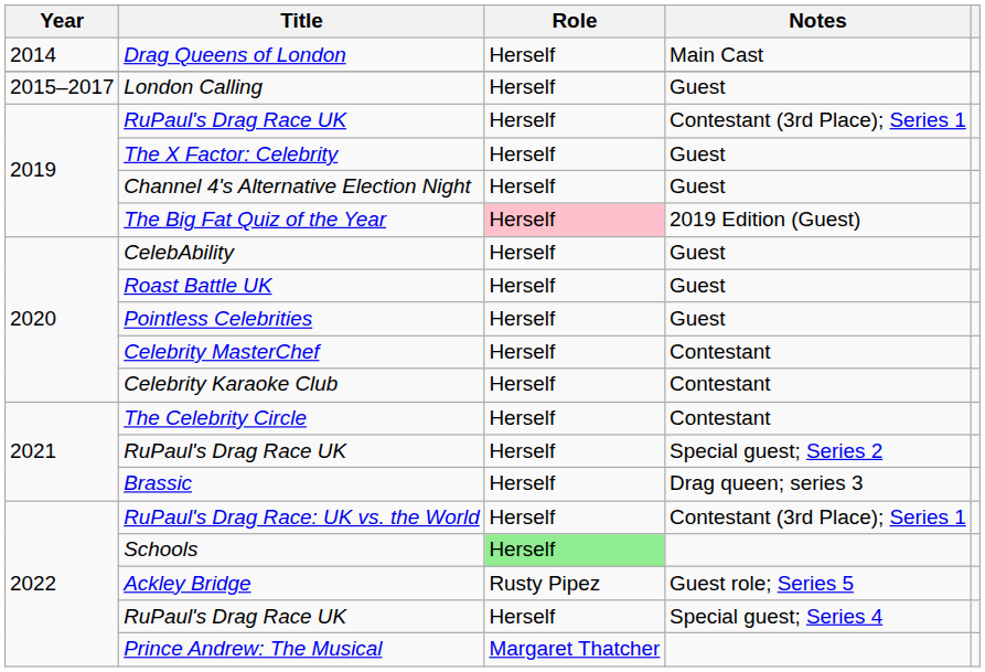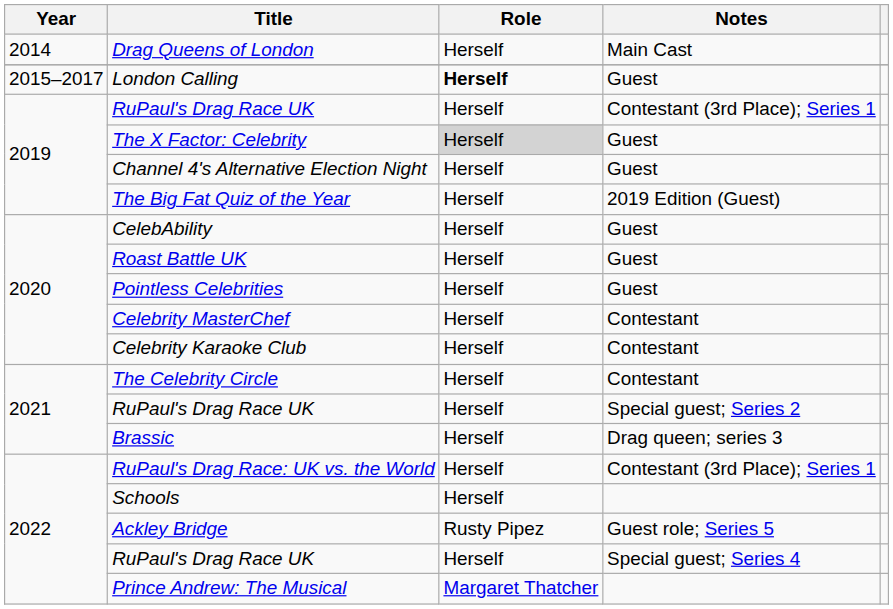 <table class="wikitable plainrowheaders sortable">
 <tr>
 <th scope="col">Year</th>
 <th scope="col">Title</th>
 <th scope="col">Role</th>
 <th scope="col">Notes</th>
 <th style="text-align: center;" class="unsortable"></th>
 </tr>
 <tr>
 <td>2014</td>
 <td><em><a href='#'>Drag Queens of London</a></em></td>
 <td>Herself</td>
 <td>Main Cast</td>
 <td></td>
 </tr>
 <tr>
 </tr>
 <tr>
 <td>2015–2017</td>
 <td><em>London Calling</em></td>
-<td>Herself</td>
+<td><strong>Herself</strong></td>
 <td>Guest</td>
 <td></td>
 </tr>
 <tr>
 <td rowspan=4>2019</td>
 <td><em><a href='#'>RuPaul's Drag Race UK</a></em></td>
 <td>Herself</td>
 <td>Contestant (3rd Place); <a href='#'>Series 1</a></td>
 <td></td>
 </tr>
 <tr>
 <td><em><a href='#'>The X Factor: Celebrity</a></em></td>
-<td>Herself</td>
+<td style="background: lightgrey;">Herself</td>
 <td>Guest</td>
 <td></td>
 </tr>
 <tr>
 <td><em>Channel 4's Alternative Election Night</em></td>
 <td>Herself</td>
 <td>Guest</td>
 <td></td>
 </tr>
 <tr>
 <td><em><a href='#'>The Big Fat Quiz of the Year</a></em></td>
-<td style="background: pink;">Herself</td>
+<td>Herself</td>
 <td>2019 Edition (Guest)</td>
 <td></td>
 </tr>
 <tr>
 <td rowspan=5>2020</td>
 <td><em>CelebAbility</em></td>
 <td>Herself</td>
 <td>Guest</td>
 <td></td>
 </tr>
 <tr>
 <td><em><a href='#'>Roast Battle UK</a></em></td>
 <td>Herself</td>
 <td>Guest</td>
 <td></td>
 </tr>
 <tr>
 <td><em><a href='#'>Pointless Celebrities</a></em></td>
 <td>Herself</td>
 <td>Guest</td>
 <td></td>
 </tr>
 <tr>
 <td><em><a href='#'>Celebrity MasterChef</a></em></td>
 <td>Herself</td>
 <td>Contestant</td>
 <td></td>
 </tr>
 <tr>
 <td><em>Celebrity Karaoke Club</em></td>
 <td>Herself</td>
 <td>Contestant</td>
 <td></td>
 </tr>
 <tr>
 <td rowspan=3>2021</td>
 <td><em><a href='#'>The Celebrity Circle</a></em></td>
 <td>Herself</td>
 <td>Contestant</td>
 <td></td>
 </tr>
 <tr>
 <td><em>RuPaul's Drag Race UK</em></td>
 <td>Herself</td>
 <td>Special guest; <a href='#'>Series 2</a></td>
 <td></td>
 </tr>
 <tr>
 <td><em><a href='#'>Brassic</a></em></td>
 <td>Herself</td>
 <td>Drag queen; series 3</td>
 <td></td>
 </tr>
 <tr>
 <td rowspan="5">2022</td>
 <td><em><a href='#'>RuPaul's Drag Race: UK vs. the World</a></em></td>
 <td>Herself</td>
 <td>Contestant (3rd Place); <a href='#'>Series 1</a></td>
 <td></td>
 </tr>
 <tr>
 <td><em>Schools</em></td>
-<td style="background: lightgreen;">Herself</td>
+<td>Herself</td>
 <td></td>
 <td></td>
 </tr>
 <tr>
 <td><em><a href='#'>Ackley Bridge</a></em></td>
 <td>Rusty Pipez</td>
 <td>Guest role; <a href='#'>Series 5</a></td>
 <td></td>
 </tr>
 <tr>
 <td><em>RuPaul's Drag Race UK</em></td>
 <td>Herself</td>
 <td>Special guest; <a href='#'>Series 4</a></td>
 <td></td>
 </tr>
 <tr>
 <td><em><a href='#'>Prince Andrew: The Musical</a></em></td>
 <td><a href='#'>Margaret Thatcher</a></td>
 <td></td>
 <td></td>
 </tr>
 </table>
